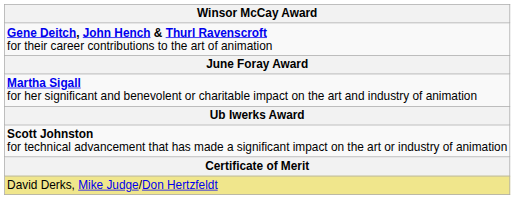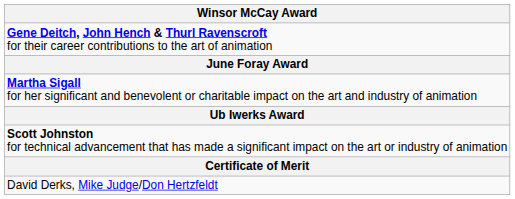 <table class=wikitable style="width=100%">
 <tr>
 <th style="width=50%">Winsor McCay Award</th>
 </tr>
 <tr>
 <td valign="top"><strong><a href='#'>Gene Deitch</a>, <a href='#'>John Hench</a> & <a href='#'>Thurl Ravenscroft</a></strong><br>for their career contributions to the art of animation</td>
 </tr>
 <tr>
 <th style="width=50%">June Foray Award</th>
 </tr>
 <tr>
 <td valign="top"><strong><a href='#'>Martha Sigall</a></strong><br>for her significant and benevolent or charitable impact on the art and industry of animation</td>
 </tr>
 <tr>
 <th style="width=50%">Ub Iwerks Award</th>
 </tr>
 <tr>
 <td valign="top"><strong>Scott Johnston</strong><br>for technical advancement that has made a significant impact on the art or industry of animation</td>
 </tr>
 <tr>
 <th style="width=50%">Certificate of Merit</th>
 </tr>
 <tr>
-<td valign="top" style="background: khaki;">David Derks, <a href='#'>Mike Judge</a>/<a href='#'>Don Hertzfeldt</a></td>
+<td valign="top">David Derks, <a href='#'>Mike Judge</a>/<a href='#'>Don Hertzfeldt</a></td>
 </tr>
 </table>
